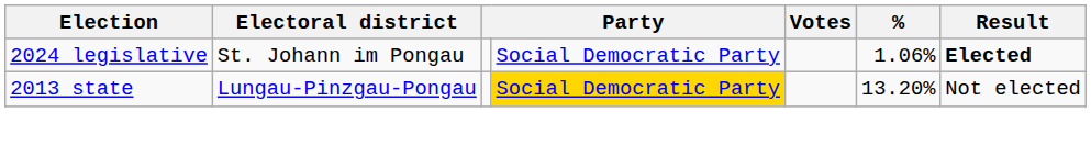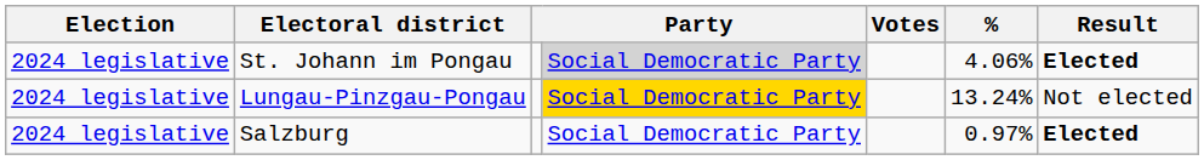 <table class="wikitable" style="text-align:left;">
 <tr>
 <th scope=col>Election</th>
 <th scope=col>Electoral district</th>
 <th scope=col colspan="2">Party</th>
 <th scope=col>Votes</th>
 <th scope=col>%</th>
 <th scope=col>Result</th>
 </tr>
 <tr>
 <td><a href='#'>2024 legislative</a></td>
 <td>St. Johann im Pongau</td>
 <td style="background:"></td>
-<td><a href='#'>Social Democratic Party</a></td>
+<td style="background: lightgrey;"><a href='#'>Social Democratic Party</a></td>
 <td align=right></td>
-<td align=right>1.06%</td>
+<td align=right>4.06%</td>
 <td><strong>Elected</strong></td>
 </tr>
 <tr>
-<td><a href='#'>2013 state</a></td>
+<td><a href='#'>2024 legislative</a></td>
 <td><a href='#'>Lungau-Pinzgau-Pongau</a></td>
 <td style="background:"></td>
 <td style="background: gold;"><a href='#'>Social Democratic Party</a></td>
 <td align=right></td>
-<td align=right>13.20%</td>
+<td align=right>13.24%</td>
 <td>Not elected</td>
 </tr>
+<tr>
+<td><a href='#'>2024 legislative</a></td>
+<td>Salzburg</td>
+<td style="background:"></td>
+<td><a href='#'>Social Democratic Party</a></td>
+<td align=right></td>
+<td align=right>0.97%</td>
+<td><strong>Elected</strong></td>
+</tr>
 </table>
